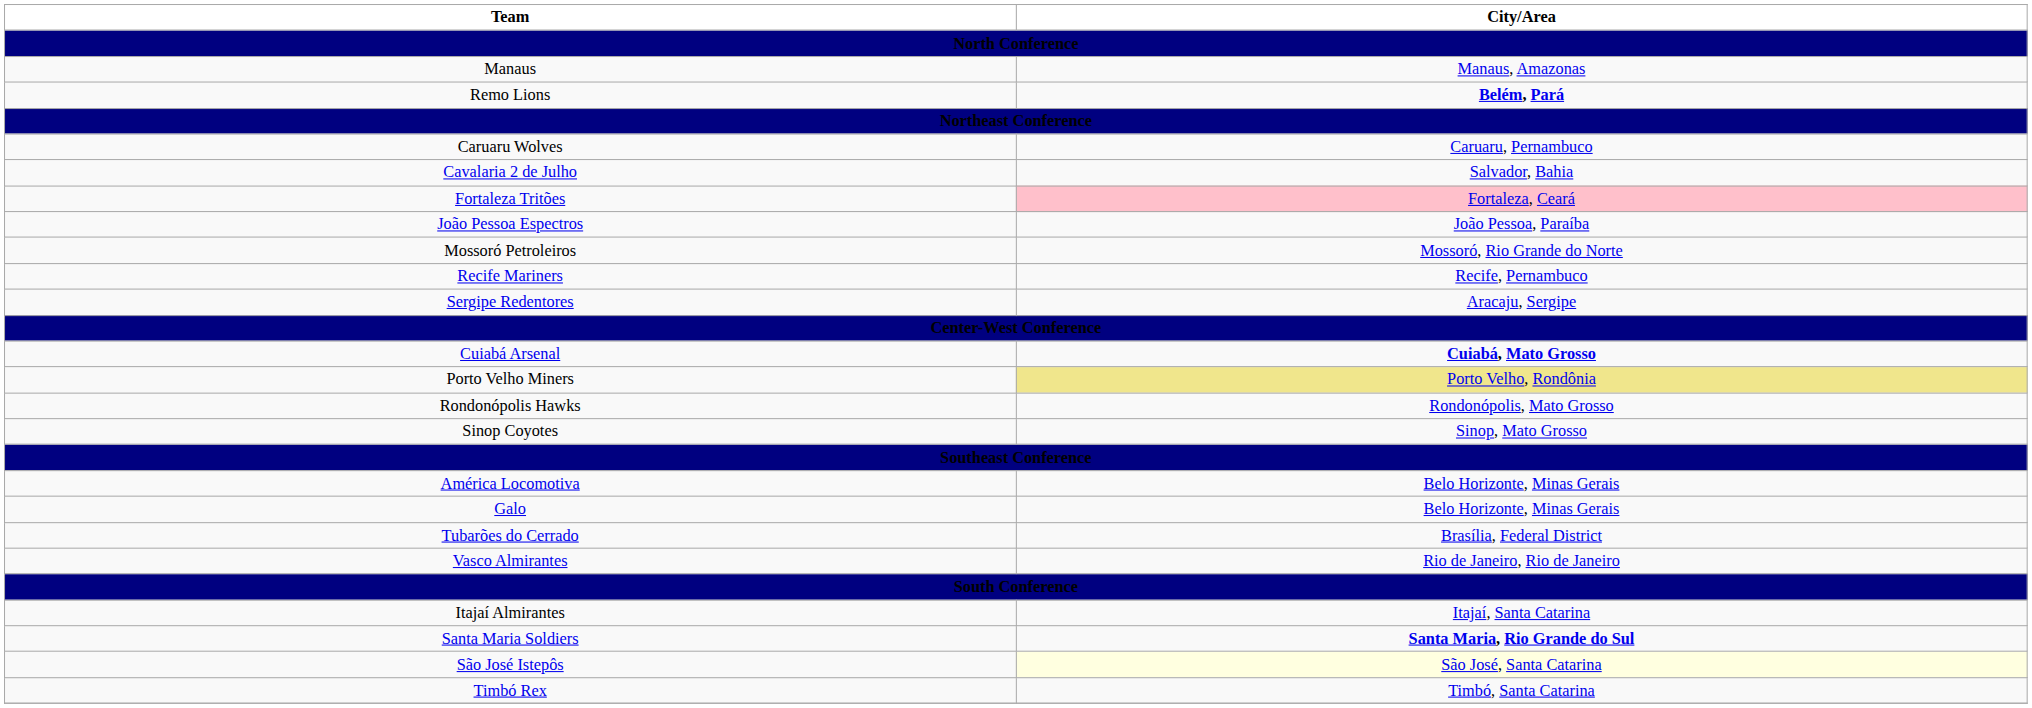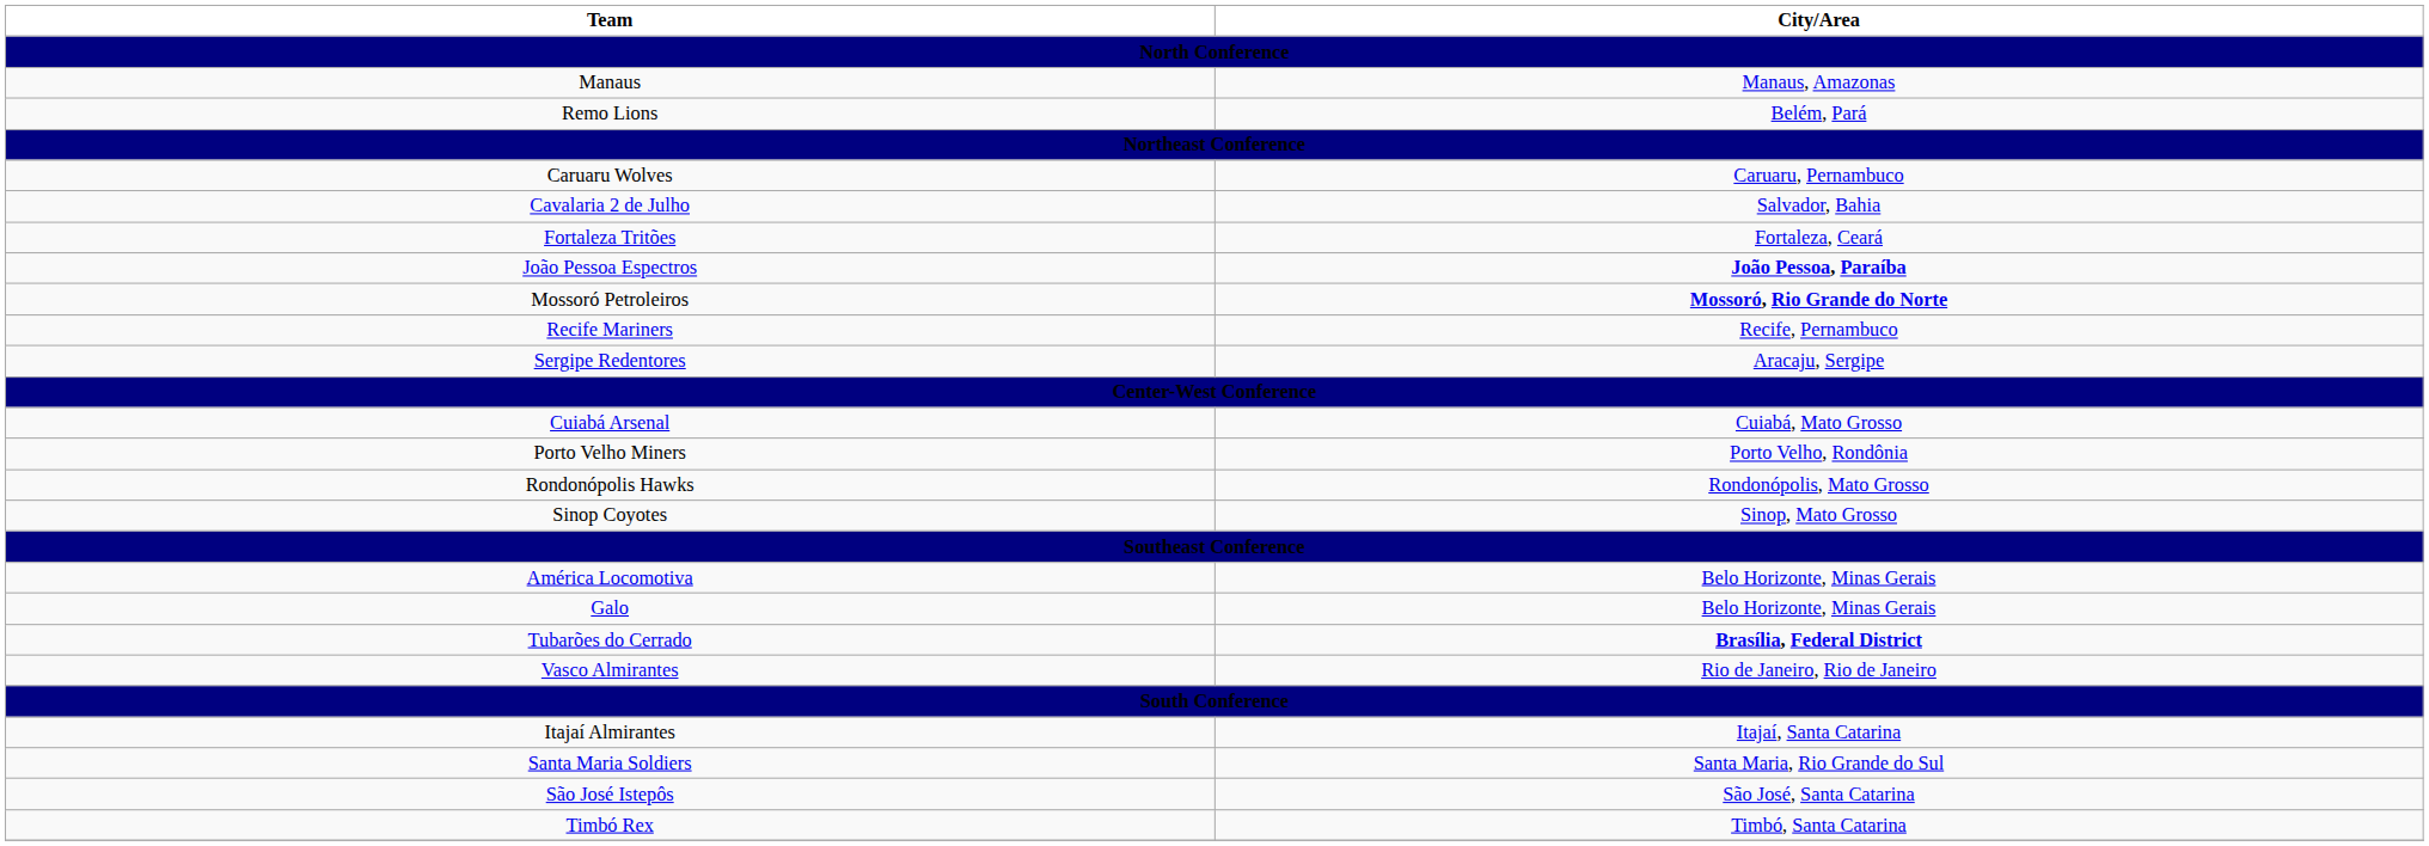 <table class="wikitable" style="width:100%; text-align:center">
 <tr>
 <th style="background:white; width:50%">Team</th>
 <th style="background:white; width:50%">City/Area</th>
 </tr>
 <tr>
 <th style=background:navy colspan=7><span>North Conference</span></th>
 </tr>
 <tr>
 <td>Manaus</td>
 <td><a href='#'>Manaus</a>, <a href='#'>Amazonas</a></td>
 </tr>
 <tr>
 <td>Remo Lions</td>
-<td><strong><a href='#'>Belém</a>, <a href='#'>Pará</a></strong></td>
+<td><a href='#'>Belém</a>, <a href='#'>Pará</a></td>
 </tr>
 <tr>
 <th style=background:navy colspan=7><span>Northeast Conference</span></th>
 </tr>
 <tr>
 <td>Caruaru Wolves</td>
 <td><a href='#'>Caruaru</a>, <a href='#'>Pernambuco</a></td>
 </tr>
 <tr>
 <td><a href='#'>Cavalaria 2 de Julho</a></td>
 <td><a href='#'>Salvador</a>, <a href='#'>Bahia</a></td>
 </tr>
 <tr>
 <td><a href='#'>Fortaleza Tritões</a></td>
-<td style="background: pink;"><a href='#'>Fortaleza</a>, <a href='#'>Ceará</a></td>
+<td><a href='#'>Fortaleza</a>, <a href='#'>Ceará</a></td>
 </tr>
 <tr>
 <td><a href='#'>João Pessoa Espectros</a></td>
-<td><a href='#'>João Pessoa</a>, <a href='#'>Paraíba</a></td>
+<td><strong><a href='#'>João Pessoa</a>, <a href='#'>Paraíba</a></strong></td>
 </tr>
 <tr>
 <td>Mossoró Petroleiros</td>
-<td><a href='#'>Mossoró</a>, <a href='#'>Rio Grande do Norte</a></td>
+<td><strong><a href='#'>Mossoró</a>, <a href='#'>Rio Grande do Norte</a></strong></td>
 </tr>
 <tr>
 <td><a href='#'>Recife Mariners</a></td>
 <td><a href='#'>Recife</a>, <a href='#'>Pernambuco</a></td>
 </tr>
 <tr>
 <td><a href='#'>Sergipe Redentores</a></td>
 <td><a href='#'>Aracaju</a>, <a href='#'>Sergipe</a></td>
 </tr>
 <tr>
 <th style=background:navy colspan=7><span>Center-West Conference</span></th>
 </tr>
 <tr>
 <td><a href='#'>Cuiabá Arsenal</a></td>
-<td><strong><a href='#'>Cuiabá</a>, <a href='#'>Mato Grosso</a></strong></td>
+<td><a href='#'>Cuiabá</a>, <a href='#'>Mato Grosso</a></td>
 </tr>
 <tr>
 <td>Porto Velho Miners</td>
-<td style="background: khaki;"><a href='#'>Porto Velho</a>, <a href='#'>Rondônia</a></td>
+<td><a href='#'>Porto Velho</a>, <a href='#'>Rondônia</a></td>
 </tr>
 <tr>
 <td>Rondonópolis Hawks</td>
 <td><a href='#'>Rondonópolis</a>, <a href='#'>Mato Grosso</a></td>
 </tr>
 <tr>
 <td>Sinop Coyotes</td>
 <td><a href='#'>Sinop</a>, <a href='#'>Mato Grosso</a></td>
 </tr>
 <tr>
 <th style=background:navy colspan=7><span>Southeast Conference</span></th>
 </tr>
 <tr>
 <td><a href='#'>América Locomotiva</a></td>
 <td><a href='#'>Belo Horizonte</a>, <a href='#'>Minas Gerais</a></td>
 </tr>
 <tr>
 <td><a href='#'>Galo</a></td>
 <td><a href='#'>Belo Horizonte</a>, <a href='#'>Minas Gerais</a></td>
 </tr>
 <tr>
 <td><a href='#'>Tubarões do Cerrado</a></td>
-<td><a href='#'>Brasília</a>, <a href='#'>Federal District</a></td>
+<td><strong><a href='#'>Brasília</a>, <a href='#'>Federal District</a></strong></td>
 </tr>
 <tr>
 <td><a href='#'>Vasco Almirantes</a></td>
 <td><a href='#'>Rio de Janeiro</a>, <a href='#'>Rio de Janeiro</a></td>
 </tr>
 <tr>
 <th style=background:navy colspan=7><span>South Conference</span></th>
 </tr>
 <tr>
 <td>Itajaí Almirantes</td>
 <td><a href='#'>Itajaí</a>, <a href='#'>Santa Catarina</a></td>
 </tr>
 <tr>
 <td><a href='#'>Santa Maria Soldiers</a></td>
-<td><strong><a href='#'>Santa Maria</a>, <a href='#'>Rio Grande do Sul</a></strong></td>
+<td><a href='#'>Santa Maria</a>, <a href='#'>Rio Grande do Sul</a></td>
 </tr>
 <tr>
 <td><a href='#'>São José Istepôs</a></td>
-<td style="background: lightyellow;"><a href='#'>São José</a>, <a href='#'>Santa Catarina</a></td>
+<td><a href='#'>São José</a>, <a href='#'>Santa Catarina</a></td>
 </tr>
 <tr>
 <td><a href='#'>Timbó Rex</a></td>
 <td><a href='#'>Timbó</a>, <a href='#'>Santa Catarina</a></td>
 </tr>
 <tr>
 </tr>
 </table>
